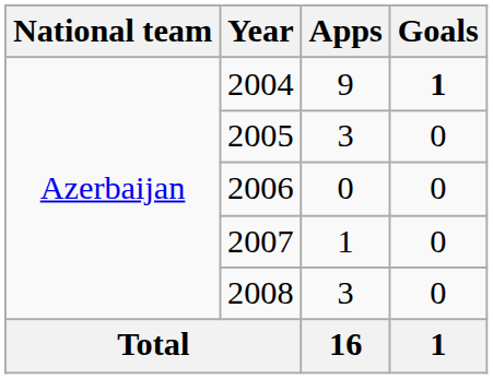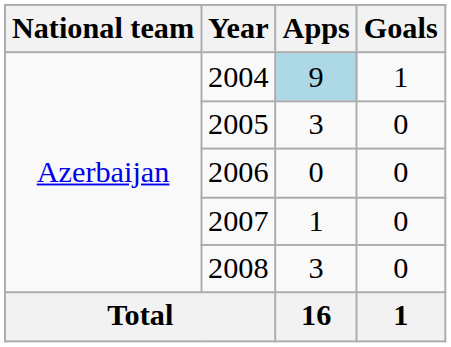 <table class="wikitable" style="text-align:center">
 <tr>
 <th>National team</th>
 <th>Year</th>
 <th>Apps</th>
 <th>Goals</th>
 </tr>
 <tr>
 <td rowspan="5"><a href='#'>Azerbaijan</a></td>
 <td>2004</td>
-<td>9</td>
-<td><strong>1</strong></td>
+<td style="background: lightblue;">9</td>
+<td>1</td>
 </tr>
 <tr>
 <td>2005</td>
 <td>3</td>
 <td>0</td>
 </tr>
 <tr>
 <td>2006</td>
 <td>0</td>
 <td>0</td>
 </tr>
 <tr>
 <td>2007</td>
 <td>1</td>
 <td>0</td>
 </tr>
 <tr>
 <td>2008</td>
 <td>3</td>
 <td>0</td>
 </tr>
 <tr>
 <th colspan="2">Total</th>
 <th>16</th>
 <th>1</th>
 </tr>
 </table>
